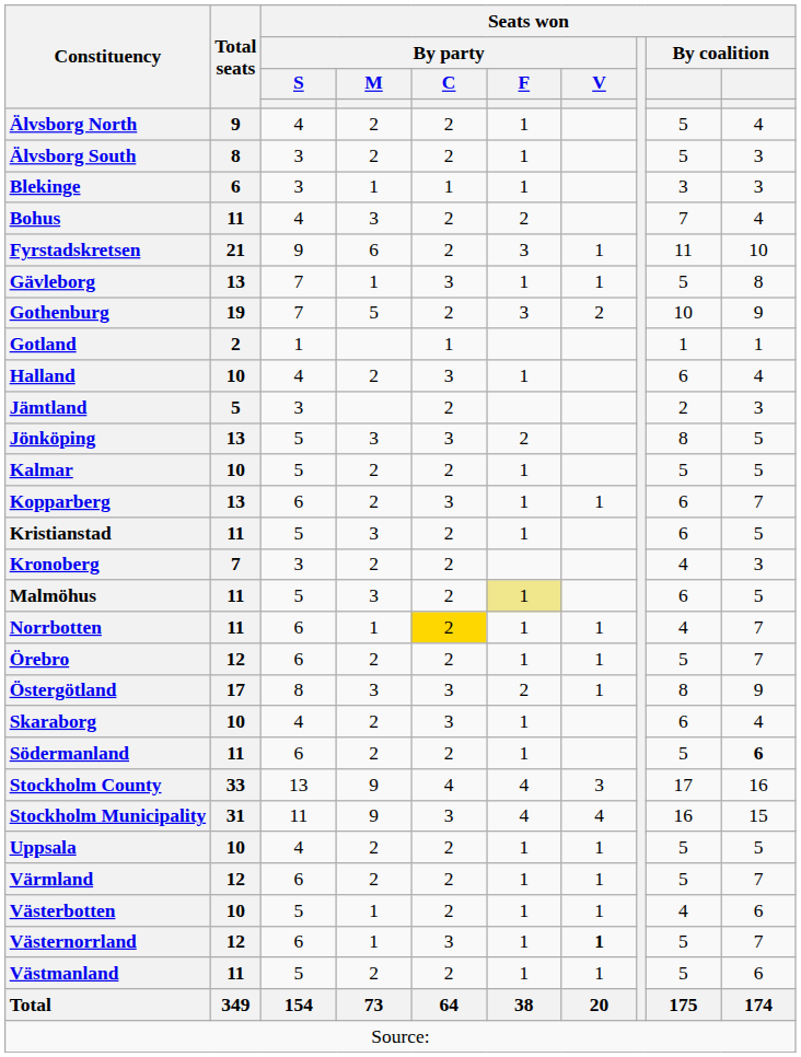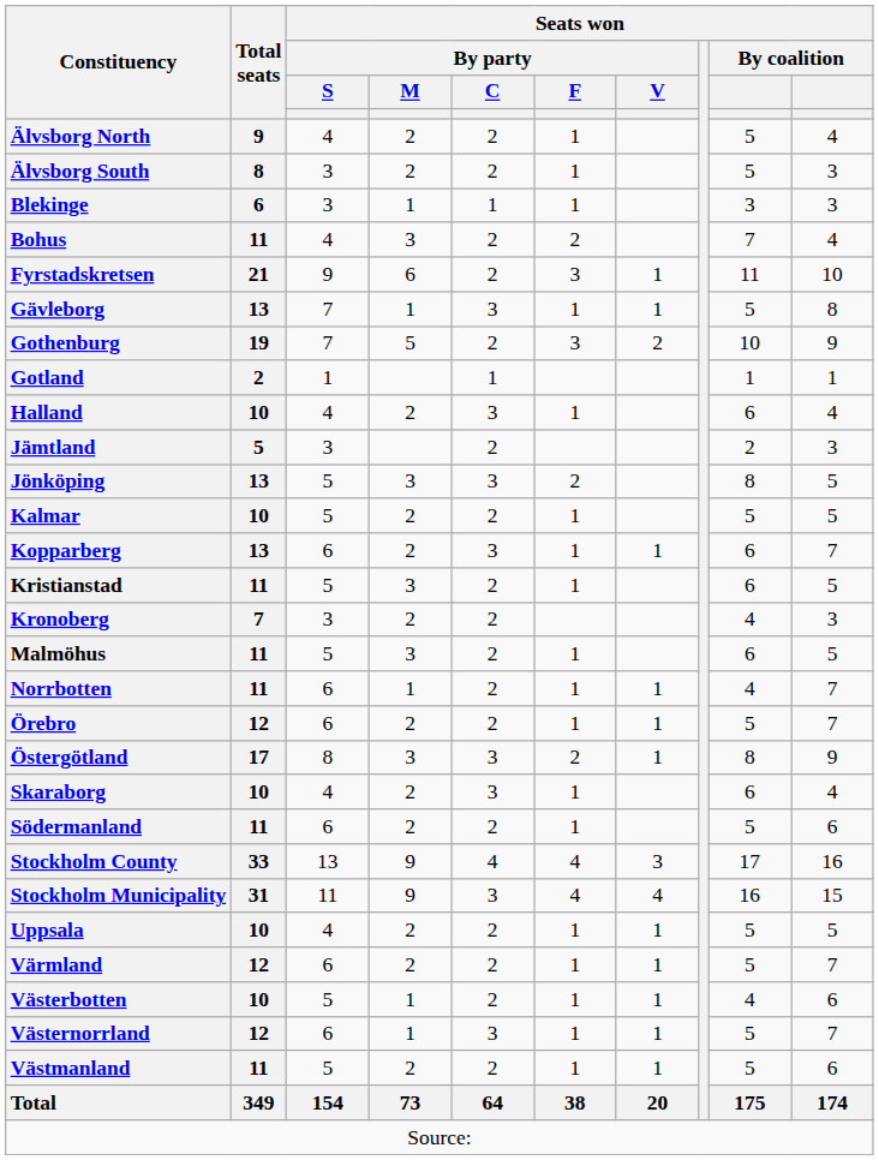 <table class="wikitable" style="text-align:center; font-size: 0.9em;">
 <tr>
 <th rowspan="4">Constituency</th>
 <th rowspan="4">Total<br>seats</th>
 <th colspan="8">Seats won</th>
 </tr>
 <tr>
 <th colspan="5">By party</th>
 <th rowspan="32"></th>
 <th colspan="2">By coalition</th>
 </tr>
 <tr>
 <th class="unsortable" style="width:50px;"><a href='#'>S</a></th>
 <th class="unsortable" style="width:50px;"><a href='#'>M</a></th>
 <th class="unsortable" style="width:50px;"><a href='#'>C</a></th>
 <th class="unsortable" style="width:50px;"><a href='#'>F</a></th>
 <th class="unsortable" style="width:50px;"><a href='#'>V</a></th>
 <th class="unsortable" style="width:50px;"></th>
 <th class="unsortable" style="width:50px;"></th>
 </tr>
 <tr>
 <th style="background:"></th>
 <th style="background:"></th>
 <th style="background:"></th>
 <th style="background:"></th>
 <th style="background:"></th>
 <th style="background:"></th>
 <th style="background:"></th>
 </tr>
 <tr>
 <th style="text-align: left;"><a href='#'>Älvsborg North</a></th>
 <th>9</th>
 <td>4</td>
 <td>2</td>
 <td>2</td>
 <td>1</td>
 <td></td>
 <td>5</td>
 <td>4</td>
 </tr>
 <tr>
 <th style="text-align: left;"><a href='#'>Älvsborg South</a></th>
 <th>8</th>
 <td>3</td>
 <td>2</td>
 <td>2</td>
 <td>1</td>
 <td></td>
 <td>5</td>
 <td>3</td>
 </tr>
 <tr>
 <th style="text-align: left;"><a href='#'>Blekinge</a></th>
 <th>6</th>
 <td>3</td>
 <td>1</td>
 <td>1</td>
 <td>1</td>
 <td></td>
 <td>3</td>
 <td>3</td>
 </tr>
 <tr>
 <th style="text-align: left;"><a href='#'>Bohus</a></th>
 <th>11</th>
 <td>4</td>
 <td>3</td>
 <td>2</td>
 <td>2</td>
 <td></td>
 <td>7</td>
 <td>4</td>
 </tr>
 <tr>
 <th style="text-align: left;"><a href='#'>Fyrstadskretsen</a></th>
 <th>21</th>
 <td>9</td>
 <td>6</td>
 <td>2</td>
 <td>3</td>
 <td>1</td>
 <td>11</td>
 <td>10</td>
 </tr>
 <tr>
 <th style="text-align: left;"><a href='#'>Gävleborg</a></th>
 <th>13</th>
 <td>7</td>
 <td>1</td>
 <td>3</td>
 <td>1</td>
 <td>1</td>
 <td>5</td>
 <td>8</td>
 </tr>
 <tr>
 <th style="text-align: left;"><a href='#'>Gothenburg</a></th>
 <th>19</th>
 <td>7</td>
 <td>5</td>
 <td>2</td>
 <td>3</td>
 <td>2</td>
 <td>10</td>
 <td>9</td>
 </tr>
 <tr>
 <th style="text-align: left;"><a href='#'>Gotland</a></th>
 <th>2</th>
 <td>1</td>
 <td></td>
 <td>1</td>
 <td></td>
 <td></td>
 <td>1</td>
 <td>1</td>
 </tr>
 <tr>
 <th style="text-align: left;"><a href='#'>Halland</a></th>
 <th>10</th>
 <td>4</td>
 <td>2</td>
 <td>3</td>
 <td>1</td>
 <td></td>
 <td>6</td>
 <td>4</td>
 </tr>
 <tr>
 <th style="text-align: left;"><a href='#'>Jämtland</a></th>
 <th>5</th>
 <td>3</td>
 <td></td>
 <td>2</td>
 <td></td>
 <td></td>
 <td>2</td>
 <td>3</td>
 </tr>
 <tr>
 <th style="text-align: left;"><a href='#'>Jönköping</a></th>
 <th>13</th>
 <td>5</td>
 <td>3</td>
 <td>3</td>
 <td>2</td>
 <td></td>
 <td>8</td>
 <td>5</td>
 </tr>
 <tr>
 <th style="text-align: left;"><a href='#'>Kalmar</a></th>
 <th>10</th>
 <td>5</td>
 <td>2</td>
 <td>2</td>
 <td>1</td>
 <td></td>
 <td>5</td>
 <td>5</td>
 </tr>
 <tr>
 <th style="text-align: left;"><a href='#'>Kopparberg</a></th>
 <th>13</th>
 <td>6</td>
 <td>2</td>
 <td>3</td>
 <td>1</td>
 <td>1</td>
 <td>6</td>
 <td>7</td>
 </tr>
 <tr>
 <th style="text-align: left;">Kristianstad</th>
 <th>11</th>
 <td>5</td>
 <td>3</td>
 <td>2</td>
 <td>1</td>
 <td></td>
 <td>6</td>
 <td>5</td>
 </tr>
 <tr>
 <th style="text-align: left;"><a href='#'>Kronoberg</a></th>
 <th>7</th>
 <td>3</td>
 <td>2</td>
 <td>2</td>
 <td></td>
 <td></td>
 <td>4</td>
 <td>3</td>
 </tr>
 <tr>
 <th style="text-align: left;">Malmöhus</th>
 <th>11</th>
 <td>5</td>
 <td>3</td>
 <td>2</td>
-<td style="background: khaki;">1</td>
+<td>1</td>
 <td></td>
 <td>6</td>
 <td>5</td>
 </tr>
 <tr>
 <th style="text-align: left;"><a href='#'>Norrbotten</a></th>
 <th>11</th>
 <td>6</td>
 <td>1</td>
-<td style="background: gold;">2</td>
+<td>2</td>
 <td>1</td>
 <td>1</td>
 <td>4</td>
 <td>7</td>
 </tr>
 <tr>
 <th style="text-align: left;"><a href='#'>Örebro</a></th>
 <th>12</th>
 <td>6</td>
 <td>2</td>
 <td>2</td>
 <td>1</td>
 <td>1</td>
 <td>5</td>
 <td>7</td>
 </tr>
 <tr>
 <th style="text-align: left;"><a href='#'>Östergötland</a></th>
 <th>17</th>
 <td>8</td>
 <td>3</td>
 <td>3</td>
 <td>2</td>
 <td>1</td>
 <td>8</td>
 <td>9</td>
 </tr>
 <tr>
 <th style="text-align: left;"><a href='#'>Skaraborg</a></th>
 <th>10</th>
 <td>4</td>
 <td>2</td>
 <td>3</td>
 <td>1</td>
 <td></td>
 <td>6</td>
 <td>4</td>
 </tr>
 <tr>
 <th style="text-align: left;"><a href='#'>Södermanland</a></th>
 <th>11</th>
 <td>6</td>
 <td>2</td>
 <td>2</td>
 <td>1</td>
 <td></td>
 <td>5</td>
-<td><strong>6</strong></td>
+<td>6</td>
 </tr>
 <tr>
 <th style="text-align: left;"><a href='#'>Stockholm County</a></th>
 <th>33</th>
 <td>13</td>
 <td>9</td>
 <td>4</td>
 <td>4</td>
 <td>3</td>
 <td>17</td>
 <td>16</td>
 </tr>
 <tr>
 <th style="text-align: left;"><a href='#'>Stockholm Municipality</a></th>
 <th>31</th>
 <td>11</td>
 <td>9</td>
 <td>3</td>
 <td>4</td>
 <td>4</td>
 <td>16</td>
 <td>15</td>
 </tr>
 <tr>
 <th style="text-align: left;"><a href='#'>Uppsala</a></th>
 <th>10</th>
 <td>4</td>
 <td>2</td>
 <td>2</td>
 <td>1</td>
 <td>1</td>
 <td>5</td>
 <td>5</td>
 </tr>
 <tr>
 <th style="text-align: left;"><a href='#'>Värmland</a></th>
 <th>12</th>
 <td>6</td>
 <td>2</td>
 <td>2</td>
 <td>1</td>
 <td>1</td>
 <td>5</td>
 <td>7</td>
 </tr>
 <tr>
 <th style="text-align: left;"><a href='#'>Västerbotten</a></th>
 <th>10</th>
 <td>5</td>
 <td>1</td>
 <td>2</td>
 <td>1</td>
 <td>1</td>
 <td>4</td>
 <td>6</td>
 </tr>
 <tr>
 <th style="text-align: left;"><a href='#'>Västernorrland</a></th>
 <th>12</th>
 <td>6</td>
 <td>1</td>
 <td>3</td>
 <td>1</td>
-<td><strong>1</strong></td>
+<td>1</td>
 <td>5</td>
 <td>7</td>
 </tr>
 <tr>
 <th style="text-align: left;"><a href='#'>Västmanland</a></th>
 <th>11</th>
 <td>5</td>
 <td>2</td>
 <td>2</td>
 <td>1</td>
 <td>1</td>
 <td>5</td>
 <td>6</td>
 </tr>
 <tr>
 <th style="text-align: left;">Total</th>
 <th>349</th>
 <th>154</th>
 <th>73</th>
 <th>64</th>
 <th>38</th>
 <th>20</th>
 <th>175</th>
 <th>174</th>
 </tr>
 <tr>
 <td colspan=10>Source: </td>
 </tr>
 </table>
